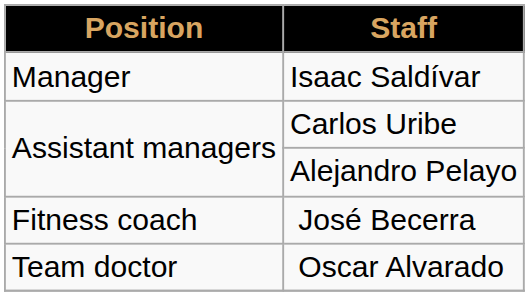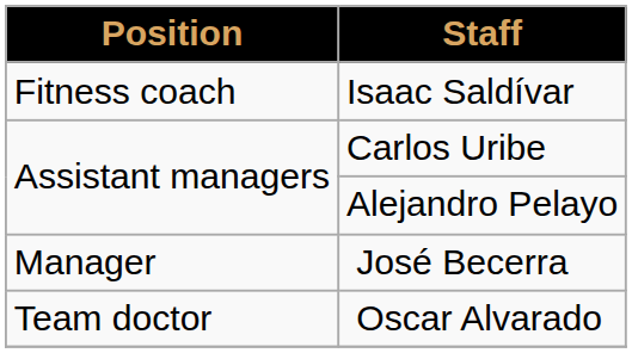 <table class="wikitable">
 <tr>
 <th style=background-color:black;color:#d8a561>Position</th>
 <th style=background-color:black;color:#d8a561>Staff</th>
 </tr>
 <tr>
-<td>Manager</td>
+<td>Fitness coach</td>
 <td> Isaac Saldívar</td>
 </tr>
 <tr>
 <td rowspan=2>Assistant managers</td>
 <td> Carlos Uribe</td>
 </tr>
 <tr>
 <td> Alejandro Pelayo</td>
 </tr>
 <tr>
-<td>Fitness coach</td>
+<td>Manager</td>
 <td> José Becerra</td>
 </tr>
 <tr>
 <td>Team doctor</td>
 <td> Oscar Alvarado</td>
 </tr>
 <tr>
 </tr>
 </table>
